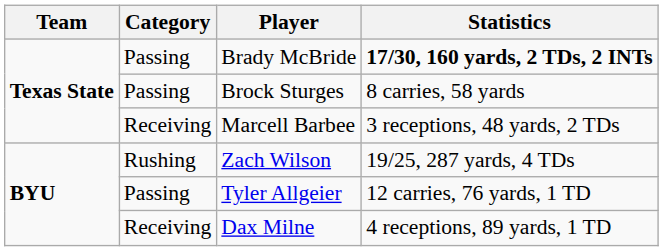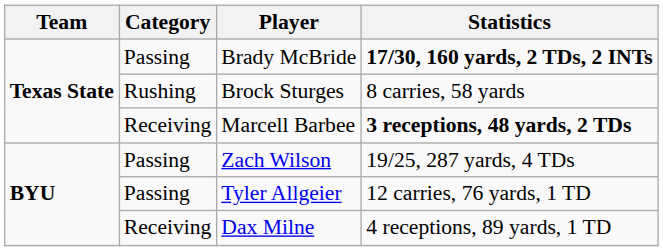 <table class="wikitable" style="float: left;">
 <tr>
 <th>Team</th>
 <th>Category</th>
 <th>Player</th>
 <th>Statistics</th>
 </tr>
 <tr>
 <td rowspan=3><strong>Texas State</strong></td>
 <td>Passing</td>
 <td>Brady McBride</td>
 <td><strong>17/30, 160 yards, 2 TDs, 2 INTs</strong></td>
 </tr>
 <tr>
-<td>Passing</td>
+<td>Rushing</td>
 <td>Brock Sturges</td>
 <td>8 carries, 58 yards</td>
 </tr>
 <tr>
 <td>Receiving</td>
 <td>Marcell Barbee</td>
-<td>3 receptions, 48 yards, 2 TDs</td>
+<td><strong>3 receptions, 48 yards, 2 TDs</strong></td>
 </tr>
 <tr>
 <td rowspan=3><strong>BYU</strong></td>
-<td>Rushing</td>
+<td>Passing</td>
 <td><a href='#'>Zach Wilson</a></td>
 <td>19/25, 287 yards, 4 TDs</td>
 </tr>
 <tr>
 <td>Passing</td>
 <td><a href='#'>Tyler Allgeier</a></td>
 <td>12 carries, 76 yards, 1 TD</td>
 </tr>
 <tr>
 <td>Receiving</td>
 <td><a href='#'>Dax Milne</a></td>
 <td>4 receptions, 89 yards, 1 TD</td>
 </tr>
 </table>
